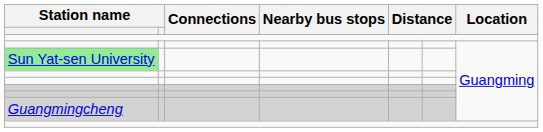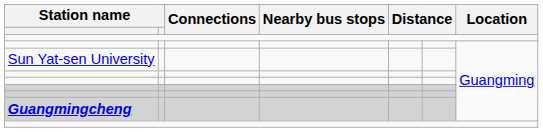 <table class="wikitable">
 <tr>
 <th colspan="2">Station name</th>
 <th rowspan="2">Connections</th>
 <th rowspan="2">Nearby bus stops</th>
 <th colspan="2" rowspan="2">Distance<br></th>
 <th rowspan="2">Location</th>
 </tr>
 <tr>
 <th></th>
 <th></th>
 </tr>
 <tr style="background:#">
 <td colspan = "8"></td>
 </tr>
 <tr>
 <td></td>
 <td></td>
 <td></td>
 <td></td>
 <td></td>
 <td></td>
 <td rowspan="7"><a href='#'>Guangming</a></td>
 </tr>
 <tr>
-<td style="background: lightgreen;"><a href='#'>Sun Yat-sen University</a></td>
+<td><a href='#'>Sun Yat-sen University</a></td>
 <td></td>
 <td></td>
 <td></td>
 <td></td>
 <td></td>
 </tr>
 <tr>
 <td></td>
 <td></td>
 <td></td>
 <td></td>
 <td></td>
 <td></td>
 </tr>
 <tr>
 <td></td>
 <td></td>
 <td></td>
 <td></td>
 <td></td>
 <td></td>
 </tr>
 <tr bgcolor="lightgrey">
 <td><em></em></td>
 <td></td>
 <td></td>
 <td></td>
 <td></td>
 <td></td>
 </tr>
 <tr bgcolor="lightgrey">
 <td><em></em></td>
 <td></td>
 <td></td>
 <td></td>
 <td></td>
 <td></td>
 </tr>
 <tr bgcolor="lightgrey">
-<td><em><a href='#'>Guangmingcheng</a></em></td>
+<td><strong><em><a href='#'>Guangmingcheng</a></em></strong></td>
 <td></td>
 <td> </td>
 <td></td>
 <td></td>
 <td></td>
 </tr>
 <tr style="background:#">
 <td colspan="8"></td>
 </tr>
 </table>
